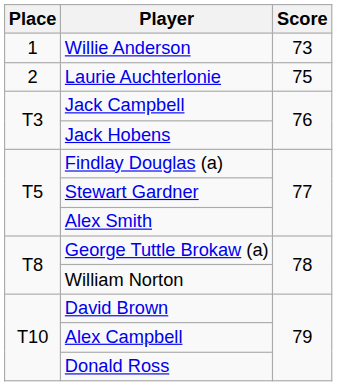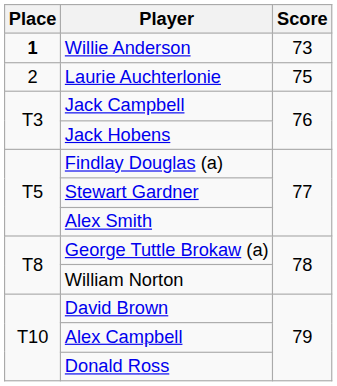 <table class=wikitable>
 <tr>
 <th>Place</th>
 <th>Player</th>
 <th>Score</th>
 </tr>
 <tr>
-<td align=center>1</td>
+<td align=center><strong>1</strong></td>
 <td> <a href='#'>Willie Anderson</a></td>
 <td align=center>73</td>
 </tr>
 <tr>
 <td align=center>2</td>
 <td> <a href='#'>Laurie Auchterlonie</a></td>
 <td align=center>75</td>
 </tr>
 <tr>
 <td rowspan=2 align=center>T3</td>
 <td> <a href='#'>Jack Campbell</a></td>
 <td align=center rowspan=2>76</td>
 </tr>
 <tr>
 <td> <a href='#'>Jack Hobens</a></td>
 </tr>
 <tr>
 <td align=center rowspan=3>T5</td>
 <td> <a href='#'>Findlay Douglas</a> (a)</td>
 <td align=center rowspan=3>77</td>
 </tr>
 <tr>
 <td> <a href='#'>Stewart Gardner</a></td>
 </tr>
 <tr>
 <td> <a href='#'>Alex Smith</a></td>
 </tr>
 <tr>
 <td align=center rowspan=2>T8</td>
 <td> <a href='#'>George Tuttle Brokaw</a> (a)</td>
 <td align=center rowspan=2>78</td>
 </tr>
 <tr>
 <td>William Norton</td>
 </tr>
 <tr>
 <td rowspan=3 align=center>T10</td>
 <td> <a href='#'>David Brown</a></td>
 <td align=center rowspan=3>79</td>
 </tr>
 <tr>
 <td> <a href='#'>Alex Campbell</a></td>
 </tr>
 <tr>
 <td> <a href='#'>Donald Ross</a></td>
 </tr>
 </table>
